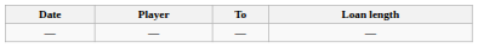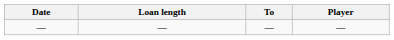 <table class="wikitable" style="font-size:95%; width:50%">
 <tr>
 <th>Date</th>
+<th>Loan length</th>
+<th>To</th>
 <th>Player</th>
-<th>To</th>
-<th>Loan length</th>
 </tr>
 <tr>
 <td align=center>—</td>
 <td align=center>—</td>
 <td align=center>—</td>
 <td align=center>—</td>
 </tr>
 </table>
